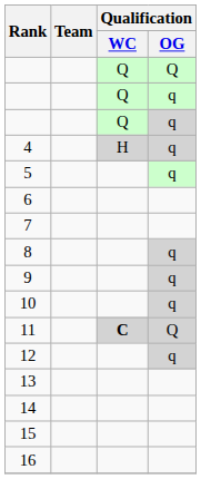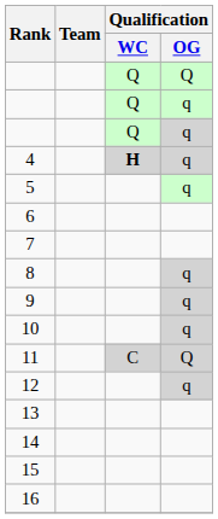 <table class="wikitable">
 <tr>
 <th rowspan=2>Rank</th>
 <th rowspan=2>Team</th>
 <th colspan=2>Qualification</th>
 </tr>
 <tr>
 <th><a href='#'>WC</a></th>
 <th><a href='#'>OG</a></th>
 </tr>
 <tr>
 <td align=center></td>
 <td></td>
 <td align=center bgcolor=#CCFFCC>Q</td>
 <td align=center bgcolor=#CCFFCC>Q</td>
 </tr>
 <tr>
 <td align=center></td>
 <td></td>
 <td align=center bgcolor=#CCFFCC>Q</td>
 <td align=center bgcolor=#CCFFCC>q</td>
 </tr>
 <tr>
 <td align=center></td>
 <td></td>
 <td align=center bgcolor=#CCFFCC>Q</td>
 <td align=center style="background: lightgrey;">q</td>
 </tr>
 <tr>
 <td align=center>4</td>
 <td></td>
-<td align=center style="background: lightgrey;">H</td>
+<td align=center style="background: lightgrey;"><strong>H</strong></td>
 <td align=center style="background: lightgrey;">q</td>
 </tr>
 <tr>
 <td align=center>5</td>
 <td></td>
 <td></td>
 <td align=center bgcolor=#CCFFCC>q</td>
 </tr>
 <tr>
 <td align=center>6</td>
 <td></td>
 <td></td>
 <td></td>
 </tr>
 <tr>
 <td align=center>7</td>
 <td></td>
 <td></td>
 <td></td>
 </tr>
 <tr>
 <td align=center>8</td>
 <td></td>
 <td></td>
 <td align=center style="background: lightgrey;">q</td>
 </tr>
 <tr>
 <td align=center>9</td>
 <td></td>
 <td></td>
 <td align=center style="background: lightgrey;">q</td>
 </tr>
 <tr>
 <td align=center>10</td>
 <td></td>
 <td></td>
 <td align=center style="background: lightgrey;">q</td>
 </tr>
 <tr>
 <td align=center>11</td>
 <td></td>
-<td align=center style="background: lightgrey;"><strong>C</strong></td>
+<td align=center style="background: lightgrey;">C</td>
 <td align=center style="background: lightgrey;">Q</td>
 </tr>
 <tr>
 <td align=center>12</td>
 <td></td>
 <td></td>
 <td align=center style="background: lightgrey;">q</td>
 </tr>
 <tr>
 <td align=center>13</td>
 <td></td>
 <td></td>
 <td></td>
 </tr>
 <tr>
 <td align=center>14</td>
 <td></td>
 <td></td>
 <td></td>
 </tr>
 <tr>
 <td align=center>15</td>
 <td></td>
 <td></td>
 <td></td>
 </tr>
 <tr>
 <td align=center>16</td>
 <td></td>
 <td></td>
 <td></td>
 </tr>
 <tr>
 </tr>
 </table>
